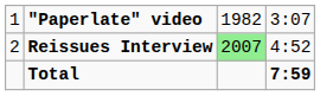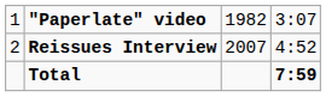 <table class="wikitable">
 <tr>
 <td>1</td>
 <td><strong>"Paperlate" video</strong></td>
 <td>1982</td>
 <td>3:07</td>
 </tr>
 <tr>
 <td>2</td>
 <td><strong>Reissues Interview</strong></td>
-<td style="background: lightgreen;">2007</td>
+<td>2007</td>
 <td>4:52</td>
 </tr>
 <tr>
 <td></td>
 <td><strong>Total</strong></td>
 <td></td>
 <td><strong>7:59</strong></td>
 </tr>
 </table>
